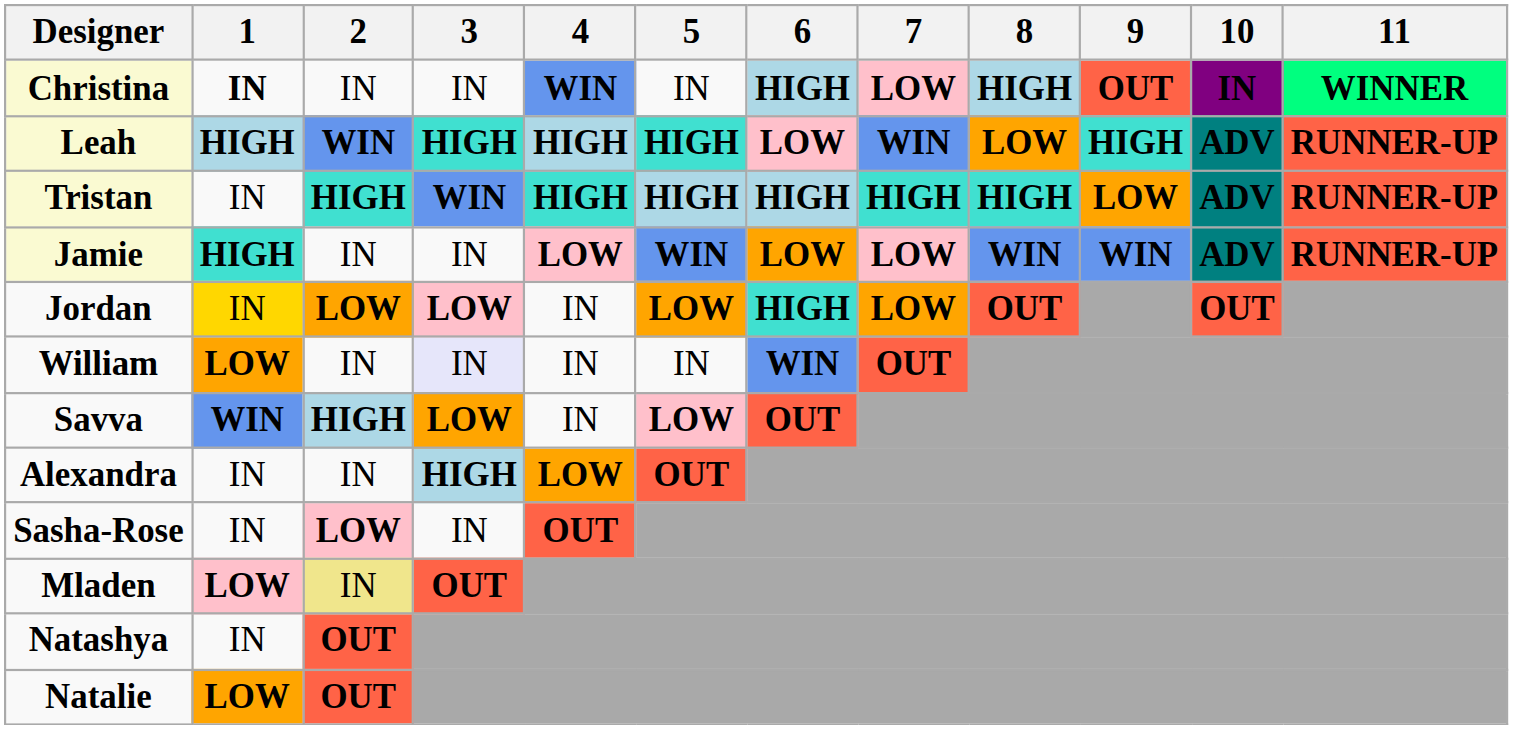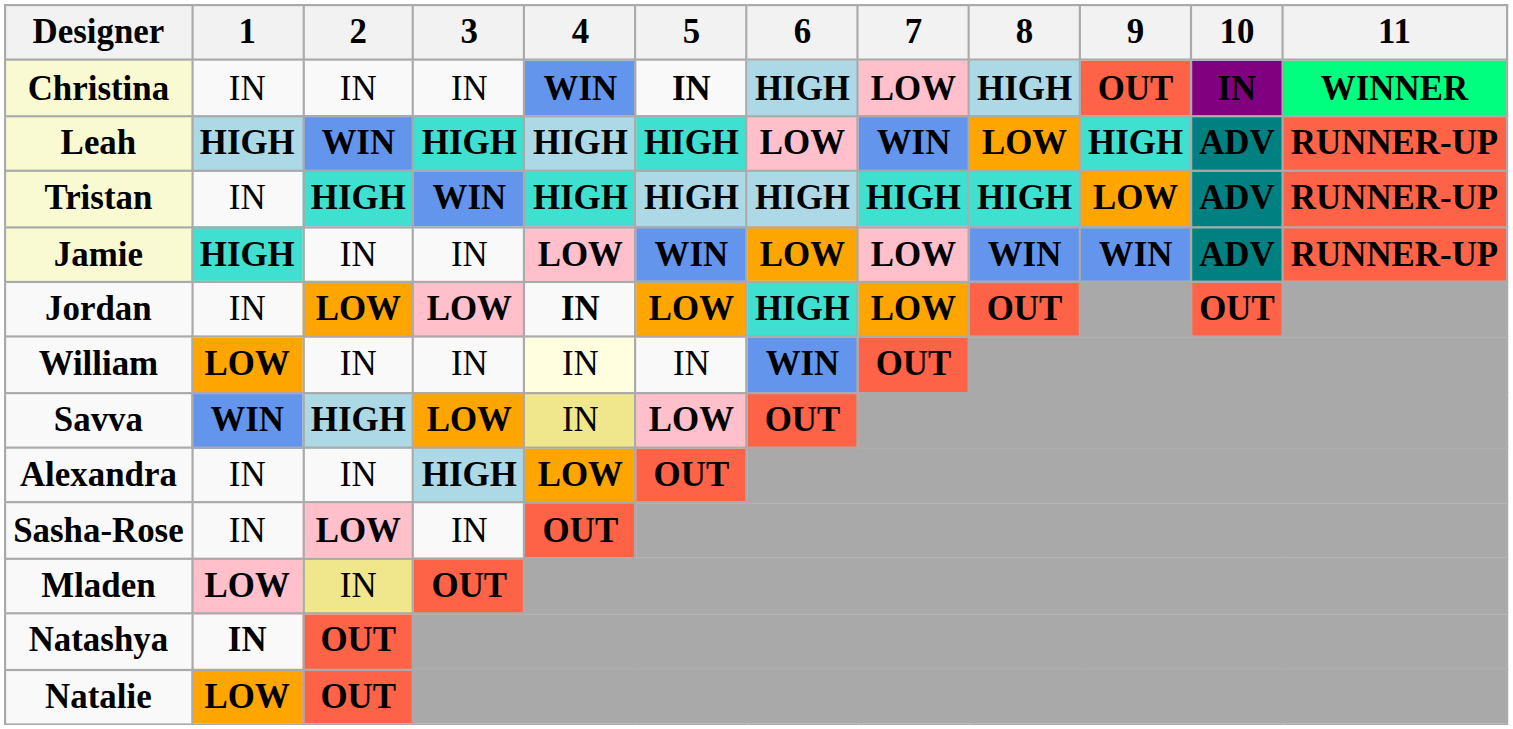 <table class="wikitable" style="text-align:center">
 <tr>
 <th>Designer</th>
 <th>1</th>
 <th>2</th>
 <th>3</th>
 <th>4</th>
 <th>5</th>
 <th>6</th>
 <th>7</th>
 <th>8</th>
 <th>9</th>
 <th>10</th>
 <th>11</th>
 </tr>
 <tr>
 <td style="background:#FAFAD2;"><strong>Christina</strong></td>
-<td><strong>IN</strong></td>
+<td>IN</td>
 <td>IN</td>
 <td>IN</td>
 <td style="background:cornflowerblue;"><strong>WIN</strong></td>
-<td>IN</td>
+<td><strong>IN</strong></td>
 <td style="background:lightblue;"><strong>HIGH</strong></td>
 <td style="background:pink;"><strong>LOW</strong></td>
 <td style="background:lightblue;"><strong>HIGH</strong></td>
 <td style="background:tomato"><strong>OUT</strong></td>
 <td style="background:purple;"><strong>IN</strong></td>
 <td style="background:springgreen;"><strong>WINNER</strong></td>
 </tr>
 <tr>
 <td style="background:#FAFAD2;"><strong>Leah</strong></td>
 <td style="background:lightblue;"><strong>HIGH</strong></td>
 <td style="background:cornflowerblue;"><strong>WIN</strong></td>
 <td style="background:turquoise;"><strong>HIGH</strong></td>
 <td style="background:lightblue;"><strong>HIGH</strong></td>
 <td style="background:turquoise;"><strong>HIGH</strong></td>
 <td style="background:pink;"><strong>LOW</strong></td>
 <td style="background:cornflowerblue;"><strong>WIN</strong></td>
 <td style="background:orange;"><strong>LOW</strong></td>
 <td style="background:turquoise;"><strong>HIGH</strong></td>
 <td style="background:teal;"><strong>ADV</strong></td>
 <td style="background:tomato"><strong>RUNNER-UP</strong></td>
 </tr>
 <tr>
 <td style="background:#FAFAD2;"><strong>Tristan</strong></td>
 <td>IN</td>
 <td style="background:turquoise;"><strong>HIGH</strong></td>
 <td style="background:cornflowerblue;"><strong>WIN</strong></td>
 <td style="background:turquoise;"><strong>HIGH</strong></td>
 <td style="background:lightblue;"><strong>HIGH</strong></td>
 <td style="background:lightblue;"><strong>HIGH</strong></td>
 <td style="background:turquoise;"><strong>HIGH</strong></td>
 <td style="background:turquoise;"><strong>HIGH</strong></td>
 <td style="background:orange;"><strong>LOW</strong></td>
 <td style="background:teal;"><strong>ADV</strong></td>
 <td style="background:tomato"><strong>RUNNER-UP</strong></td>
 </tr>
 <tr>
 <td style="background:#FAFAD2;"><strong>Jamie</strong></td>
 <td style="background:turquoise;"><strong>HIGH</strong></td>
 <td>IN</td>
 <td>IN</td>
 <td style="background:pink;"><strong>LOW</strong></td>
 <td style="background:cornflowerblue;"><strong>WIN</strong></td>
 <td style="background:orange;"><strong>LOW</strong></td>
 <td style="background:pink;"><strong>LOW</strong></td>
 <td style="background:cornflowerblue;"><strong>WIN</strong></td>
 <td style="background:cornflowerblue;"><strong>WIN</strong></td>
 <td style="background:teal;"><strong>ADV</strong></td>
 <td style="background:tomato"><strong>RUNNER-UP</strong></td>
 </tr>
 <tr>
 <td><strong>Jordan</strong></td>
-<td style="background: gold;">IN</td>
+<td>IN</td>
 <td style="background:orange;"><strong>LOW</strong></td>
 <td style="background:pink;"><strong>LOW</strong></td>
-<td>IN</td>
+<td><strong>IN</strong></td>
 <td style="background:orange;"><strong>LOW</strong></td>
 <td style="background:turquoise;"><strong>HIGH</strong></td>
 <td style="background:orange;"><strong>LOW</strong></td>
 <td style="background:tomato"><strong>OUT</strong></td>
 <td COLSPAN style="background:darkgrey;"></td>
 <td style="background:tomato"><strong>OUT</strong></td>
 <td COLSPAN=19 style="background:darkgrey;"></td>
 </tr>
 <tr>
 <td><strong>William</strong></td>
 <td style="background:orange;"><strong>LOW</strong></td>
 <td>IN</td>
-<td style="background: lavender;">IN</td>
 <td>IN</td>
+<td style="background: lightyellow;">IN</td>
 <td>IN</td>
 <td style="background:cornflowerblue;"><strong>WIN</strong></td>
 <td style="background:tomato"><strong>OUT</strong></td>
 <td COLSPAN=19 style="background:darkgrey;"></td>
 </tr>
 <tr>
 <td><strong>Savva</strong></td>
 <td style="background:cornflowerblue;"><strong>WIN</strong></td>
 <td style="background:lightblue;"><strong>HIGH</strong></td>
 <td style="background:orange;"><strong>LOW</strong></td>
-<td>IN</td>
+<td style="background: khaki;">IN</td>
 <td style="background:pink;"><strong>LOW</strong></td>
 <td style="background:tomato"><strong>OUT</strong></td>
 <td COLSPAN=19 style="background:darkgrey;"></td>
 </tr>
 <tr>
 <td><strong>Alexandra</strong></td>
 <td>IN</td>
 <td>IN</td>
 <td style="background:lightblue;"><strong>HIGH</strong></td>
 <td style="background:orange;"><strong>LOW</strong></td>
 <td style="background:tomato"><strong>OUT</strong></td>
 <td COLSPAN=19 style="background:darkgrey;"></td>
 </tr>
 <tr>
 <td><strong>Sasha-Rose</strong></td>
 <td>IN</td>
 <td style="background:pink;"><strong>LOW</strong></td>
 <td>IN</td>
 <td style="background:tomato;"><strong>OUT</strong></td>
 <td COLSPAN=19 style="background:darkgrey;"></td>
 </tr>
 <tr>
 <td><strong>Mladen</strong></td>
 <td style="background:pink;"><strong>LOW</strong></td>
 <td style="background: khaki;">IN</td>
 <td style="background:tomato;"><strong>OUT</strong></td>
 <td COLSPAN=19 style="background:darkgrey;"></td>
 </tr>
 <tr>
 <td><strong>Natashya</strong></td>
-<td>IN</td>
+<td><strong>IN</strong></td>
 <td style="background:tomato;"><strong>OUT</strong></td>
 <td COLSPAN=19 style="background:darkgrey;"></td>
 </tr>
 <tr>
 <td><strong>Natalie</strong></td>
 <td style="background:orange;"><strong>LOW</strong></td>
 <td style="background:tomato;"><strong>OUT</strong></td>
 <td COLSPAN=19 style="background:darkgrey;"></td>
 </tr>
 </table>
